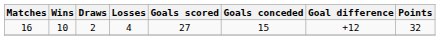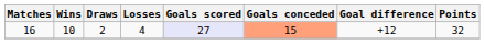 <table class="wikitable" | style="text-align:center;">
 <tr>
 <th>Matches</th>
 <th>Wins</th>
 <th>Draws</th>
 <th>Losses</th>
 <th>Goals scored</th>
 <th>Goals conceded</th>
 <th>Goal difference</th>
 <th>Points</th>
 </tr>
 <tr>
 <td>16</td>
 <td>10</td>
 <td>2</td>
 <td>4</td>
-<td>27</td>
-<td>15</td>
+<td style="background: lavender;">27</td>
+<td style="background: lightsalmon;">15</td>
 <td>+12</td>
 <td>32</td>
 </tr>
 <tr>
 </tr>
 </table>
